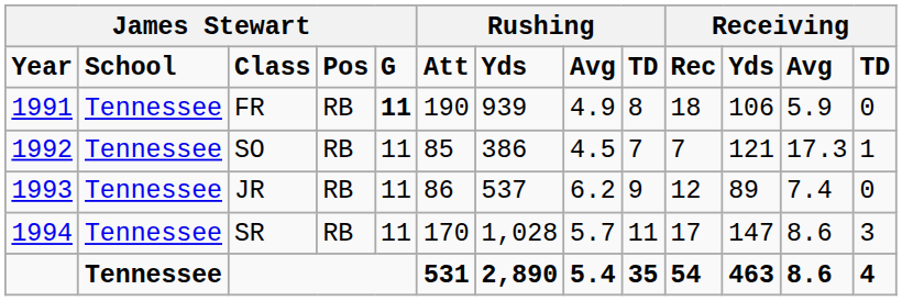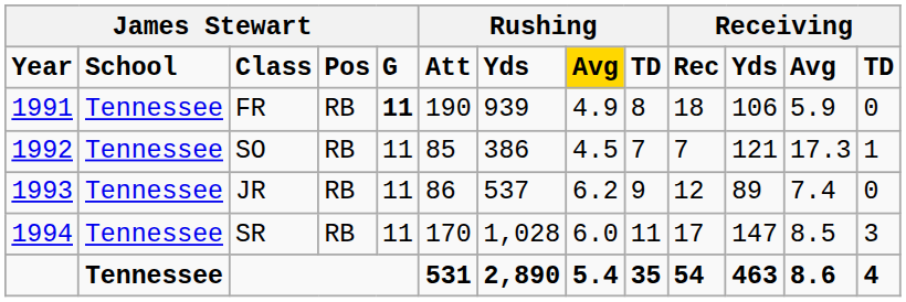 <table class="wikitable">
 <tr>
 <th colspan="5">James Stewart</th>
 <th colspan="4" style="text-align: center; font-weight:bold;">Rushing</th>
 <th colspan="4" style="text-align: center; font-weight:bold;">Receiving</th>
 </tr>
 <tr>
 <td style="font-weight:bold;">Year</td>
 <td style="font-weight:bold;">School</td>
 <td style="font-weight:bold;">Class</td>
 <td style="font-weight:bold;">Pos</td>
 <td style="font-weight:bold;">G</td>
 <td style="font-weight:bold;">Att</td>
 <td style="font-weight:bold;">Yds</td>
-<td style="font-weight:bold;">Avg</td>
+<td style="background: gold; font-weight:bold;">Avg</td>
 <td style="font-weight:bold;">TD</td>
 <td style="font-weight:bold;">Rec</td>
 <td style="font-weight:bold;">Yds</td>
 <td style="font-weight:bold;">Avg</td>
 <td style="font-weight:bold;">TD</td>
 </tr>
 <tr>
 <td><a href='#'>1991</a></td>
 <td><a href='#'>Tennessee</a></td>
 <td>FR</td>
 <td>RB</td>
 <td><strong>11</strong></td>
 <td>190</td>
 <td>939</td>
 <td>4.9</td>
 <td>8</td>
 <td>18</td>
 <td>106</td>
 <td>5.9</td>
 <td>0</td>
 </tr>
 <tr>
 <td><a href='#'>1992</a></td>
 <td><a href='#'>Tennessee</a></td>
 <td>SO</td>
 <td>RB</td>
 <td>11</td>
 <td>85</td>
 <td>386</td>
 <td>4.5</td>
 <td>7</td>
 <td>7</td>
 <td>121</td>
 <td>17.3</td>
 <td>1</td>
 </tr>
 <tr>
 <td><a href='#'>1993</a></td>
 <td><a href='#'>Tennessee</a></td>
 <td>JR</td>
 <td>RB</td>
 <td>11</td>
 <td>86</td>
 <td>537</td>
 <td>6.2</td>
 <td>9</td>
 <td>12</td>
 <td>89</td>
 <td>7.4</td>
 <td>0</td>
 </tr>
 <tr>
 <td><a href='#'>1994</a></td>
 <td><a href='#'>Tennessee</a></td>
 <td>SR</td>
 <td>RB</td>
 <td>11</td>
 <td>170</td>
 <td>1,028</td>
-<td>5.7</td>
+<td>6.0</td>
 <td>11</td>
 <td>17</td>
 <td>147</td>
-<td>8.6</td>
+<td>8.5</td>
 <td>3</td>
 </tr>
 <tr>
 <td style="font-weight:bold;"></td>
 <td style="font-weight:bold;">Tennessee</td>
 <td colspan="3" style="font-weight:bold;"></td>
 <td style="font-weight:bold;">531</td>
 <td style="font-weight:bold;">2,890</td>
 <td style="font-weight:bold;">5.4</td>
 <td style="font-weight:bold;">35</td>
 <td style="font-weight:bold;">54</td>
 <td style="font-weight:bold;">463</td>
 <td style="font-weight:bold;">8.6</td>
 <td style="font-weight:bold;">4</td>
 </tr>
 </table>
